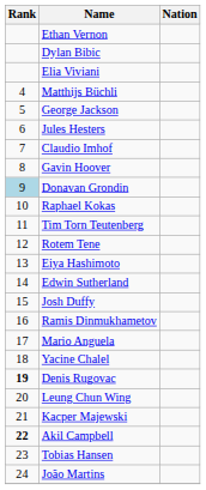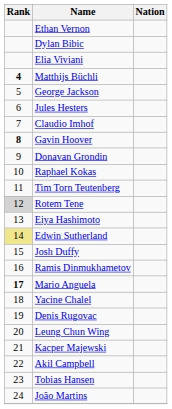 <table class="wikitable sortable" style="text-align:center">
 <tr>
 <th>Rank</th>
 <th>Name</th>
 <th>Nation</th>
 </tr>
 <tr>
 <td></td>
 <td align=left><a href='#'>Ethan Vernon</a></td>
 <td align=left></td>
 </tr>
 <tr>
 <td></td>
 <td align=left><a href='#'>Dylan Bibic</a></td>
 <td align=left></td>
 </tr>
 <tr>
 <td></td>
 <td align=left><a href='#'>Elia Viviani</a></td>
 <td align=left></td>
 </tr>
 <tr>
-<td>4</td>
+<td><strong>4</strong></td>
 <td align=left><a href='#'>Matthijs Büchli</a></td>
 <td align=left></td>
 </tr>
 <tr>
 <td>5</td>
 <td align=left><a href='#'>George Jackson</a></td>
 <td align=left></td>
 </tr>
 <tr>
 <td>6</td>
 <td align=left><a href='#'>Jules Hesters</a></td>
 <td align=left></td>
 </tr>
 <tr>
 <td>7</td>
 <td align=left><a href='#'>Claudio Imhof</a></td>
 <td align=left></td>
 </tr>
 <tr>
-<td>8</td>
+<td><strong>8</strong></td>
 <td align=left><a href='#'>Gavin Hoover</a></td>
 <td align=left></td>
 </tr>
 <tr>
-<td style="background: lightblue;">9</td>
+<td>9</td>
 <td align=left><a href='#'>Donavan Grondin</a></td>
 <td align=left></td>
 </tr>
 <tr>
 <td>10</td>
 <td align=left><a href='#'>Raphael Kokas</a></td>
 <td align=left></td>
 </tr>
 <tr>
 <td>11</td>
 <td align=left><a href='#'>Tim Torn Teutenberg</a></td>
 <td align=left></td>
 </tr>
 <tr>
-<td>12</td>
+<td style="background: lightgrey;">12</td>
 <td align=left><a href='#'>Rotem Tene</a></td>
 <td align=left></td>
 </tr>
 <tr>
 <td>13</td>
 <td align=left><a href='#'>Eiya Hashimoto</a></td>
 <td align=left></td>
 </tr>
 <tr>
-<td>14</td>
+<td style="background: khaki;">14</td>
 <td align=left><a href='#'>Edwin Sutherland</a></td>
 <td align=left></td>
 </tr>
 <tr>
 <td>15</td>
 <td align=left><a href='#'>Josh Duffy</a></td>
 <td align=left></td>
 </tr>
 <tr>
 <td>16</td>
 <td align=left><a href='#'>Ramis Dinmukhametov</a></td>
 <td align=left></td>
 </tr>
 <tr>
-<td>17</td>
+<td><strong>17</strong></td>
 <td align=left><a href='#'>Mario Anguela</a></td>
 <td align=left></td>
 </tr>
 <tr>
 <td>18</td>
 <td align=left><a href='#'>Yacine Chalel</a></td>
 <td align=left></td>
 </tr>
 <tr>
-<td><strong>19</strong></td>
+<td>19</td>
 <td align=left><a href='#'>Denis Rugovac</a></td>
 <td align=left></td>
 </tr>
 <tr>
 <td>20</td>
 <td align=left><a href='#'>Leung Chun Wing</a></td>
 <td align=left></td>
 </tr>
 <tr>
 <td>21</td>
 <td align=left><a href='#'>Kacper Majewski</a></td>
 <td align=left></td>
 </tr>
 <tr>
-<td><strong>22</strong></td>
+<td>22</td>
 <td align=left><a href='#'>Akil Campbell</a></td>
 <td align=left></td>
 </tr>
 <tr>
 <td>23</td>
 <td align=left><a href='#'>Tobias Hansen</a></td>
 <td align=left></td>
 </tr>
 <tr>
 <td>24</td>
 <td align=left><a href='#'>João Martins</a></td>
 <td align=left></td>
 </tr>
 <tr>
 </tr>
 </table>
